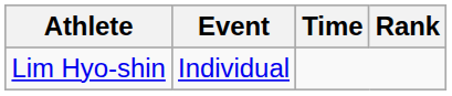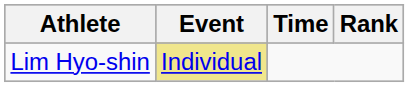 <table class="wikitable" style="font-size:90%">
 <tr>
 <th>Athlete</th>
 <th>Event</th>
 <th>Time</th>
 <th>Rank</th>
 </tr>
 <tr align=center>
 <td align=left><a href='#'>Lim Hyo-shin</a></td>
-<td align=left><a href='#'>Individual</a></td>
+<td align=left style="background: khaki;"><a href='#'>Individual</a></td>
 <td colspan=2></td>
 </tr>
 </table>
